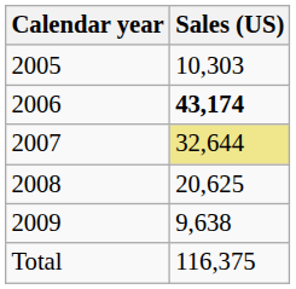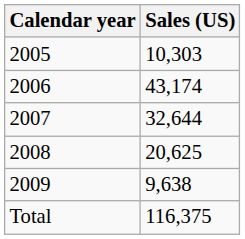 <table class="wikitable">
 <tr>
 <th>Calendar year</th>
 <th>Sales (US)</th>
 </tr>
 <tr>
 <td>2005</td>
 <td>10,303</td>
 </tr>
 <tr>
 <td>2006</td>
-<td><strong>43,174</strong></td>
+<td>43,174</td>
 </tr>
 <tr>
 <td>2007</td>
-<td style="background: khaki;">32,644</td>
+<td>32,644</td>
 </tr>
 <tr>
 <td>2008</td>
 <td>20,625</td>
 </tr>
 <tr>
 <td>2009</td>
 <td>9,638</td>
 </tr>
 <tr>
 <td>Total</td>
 <td>116,375</td>
 </tr>
 </table>
